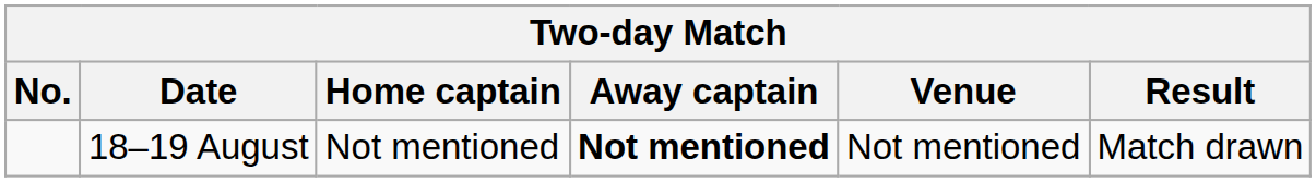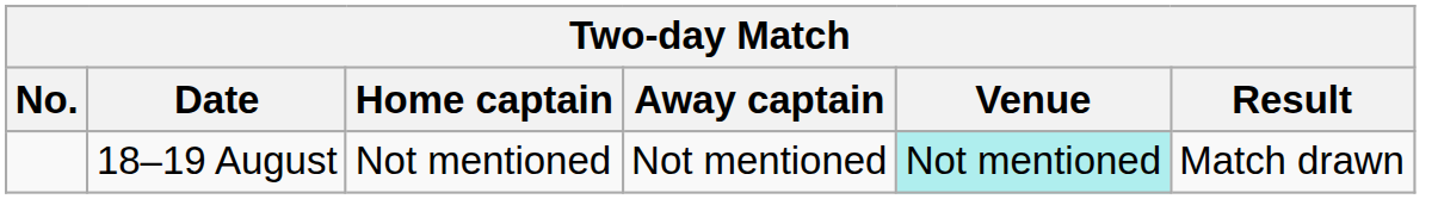 <table class="wikitable">
 <tr>
 <th colspan="9">Two-day Match</th>
 </tr>
 <tr>
 <th>No.</th>
 <th>Date</th>
 <th>Home captain</th>
 <th>Away captain</th>
 <th>Venue</th>
 <th>Result</th>
 </tr>
 <tr>
 <td></td>
 <td>18–19 August</td>
 <td>Not mentioned</td>
-<td><strong>Not mentioned</strong></td>
 <td>Not mentioned</td>
+<td style="background: paleturquoise;">Not mentioned</td>
 <td>Match drawn</td>
 </tr>
 </table>
